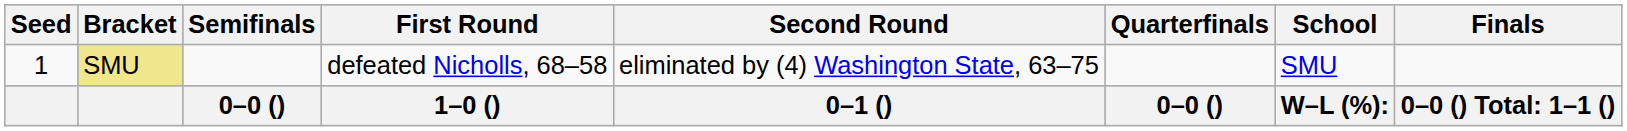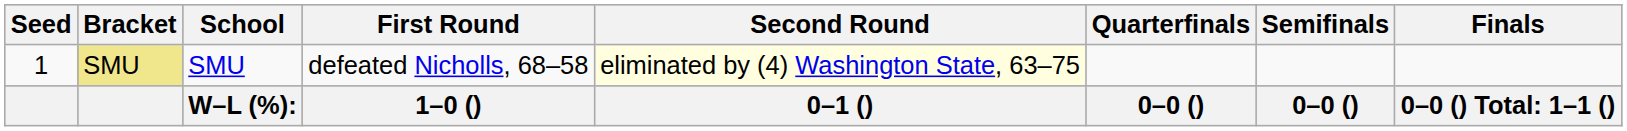 <table class="sortable wikitable" style="white-space:nowrap; font-size:100%;">
 <tr>
 <th>Seed</th>
 <th>Bracket</th>
-<th>Semifinals</th>
+<th>School</th>
 <th>First Round</th>
 <th>Second Round</th>
 <th>Quarterfinals</th>
-<th>School</th>
+<th>Semifinals</th>
 <th>Finals</th>
 </tr>
 <tr>
 <td align=center>1</td>
 <td style="background: khaki;">SMU</td>
+<td><a href='#'>SMU</a></td>
+<td>defeated <a href='#'>Nicholls</a>, 68–58</td>
+<td style="background: lightyellow;">eliminated by (4) <a href='#'>Washington State</a>, 63–75</td>
 <td></td>
-<td>defeated <a href='#'>Nicholls</a>, 68–58</td>
-<td>eliminated by (4) <a href='#'>Washington State</a>, 63–75</td>
 <td></td>
-<td><a href='#'>SMU</a></td>
 <td></td>
 </tr>
 <tr>
 <th></th>
 <th></th>
-<th>0–0 ()</th>
+<th>W–L (%):</th>
 <th>1–0 ()</th>
 <th>0–1 ()</th>
 <th>0–0 ()</th>
-<th>W–L (%):</th>
+<th>0–0 ()</th>
 <th>0–0 () Total: 1–1 ()</th>
 </tr>
 </table>
